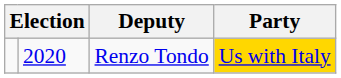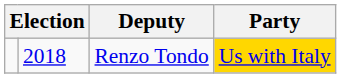 <table class="wikitable">
 <tr>
 <th colspan="2">Election</th>
 <th>Deputy</th>
 <th>Party</th>
 </tr>
 <tr>
 <td></td>
-<td><a href='#'>2020</a></td>
+<td><a href='#'>2018</a></td>
 <td><a href='#'>Renzo Tondo</a></td>
 <td style="background: gold;"><a href='#'>Us with Italy</a></td>
 </tr>
 </table>
